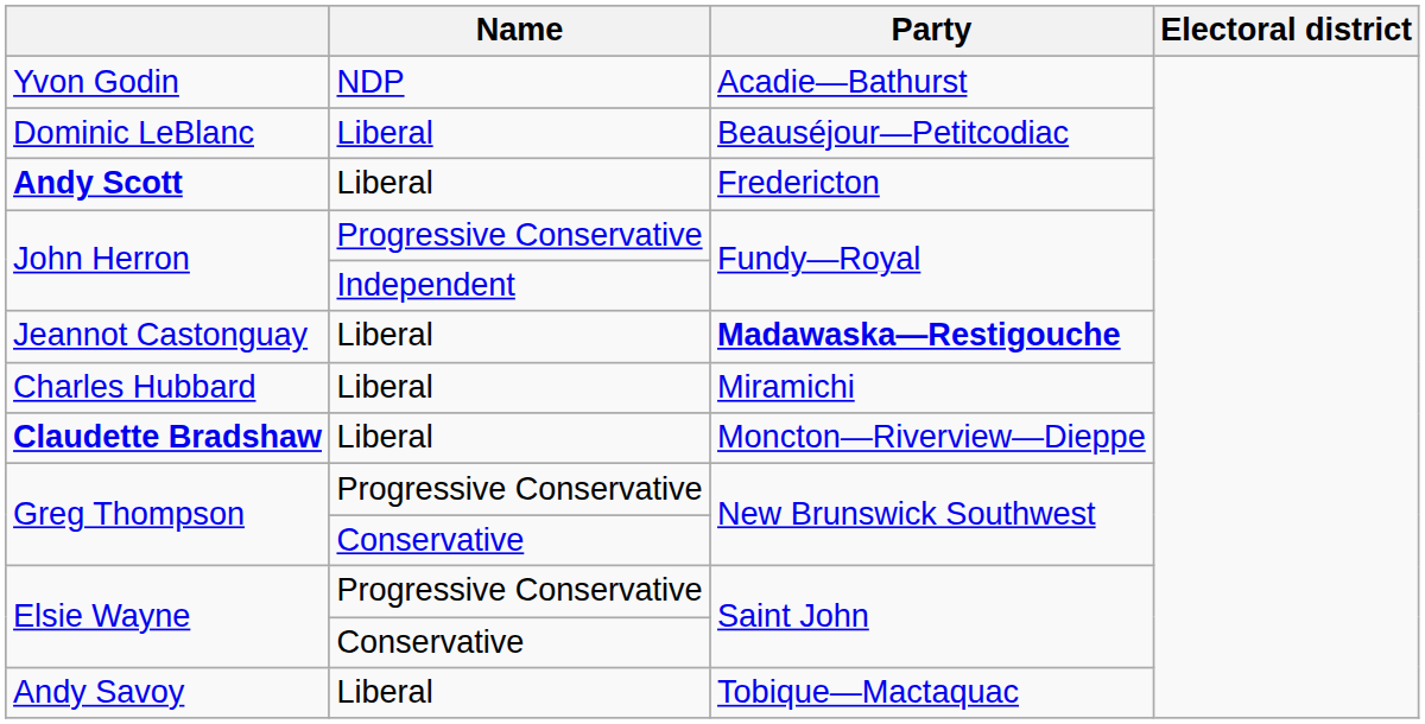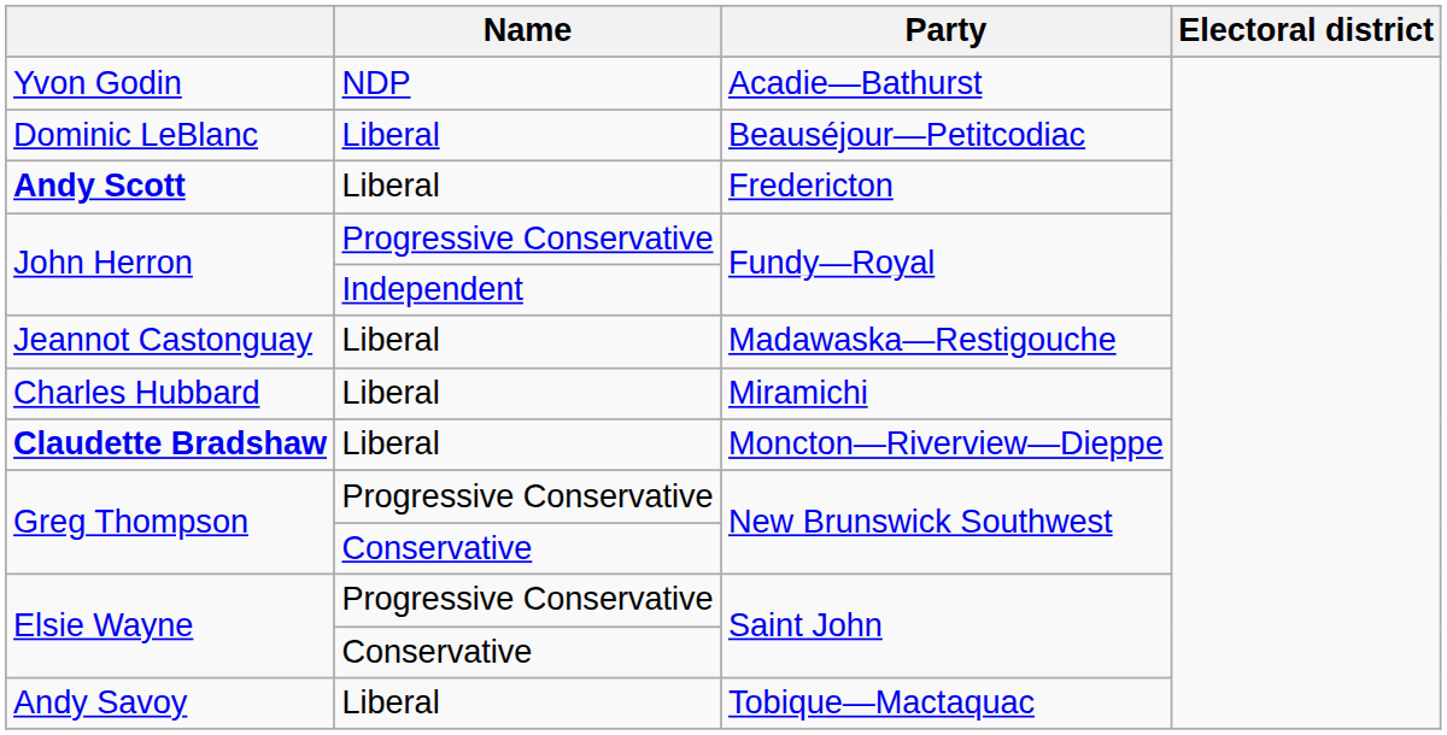 <table class="wikitable">
 <tr>
 <th></th>
 <th>Name</th>
 <th>Party</th>
 <th>Electoral district</th>
 </tr>
 <tr>
 <td><a href='#'>Yvon Godin</a></td>
 <td><a href='#'>NDP</a></td>
 <td><a href='#'>Acadie—Bathurst</a></td>
 </tr>
 <tr>
 <td><a href='#'>Dominic LeBlanc</a></td>
 <td><a href='#'>Liberal</a></td>
 <td><a href='#'>Beauséjour—Petitcodiac</a></td>
 </tr>
 <tr>
 <td><strong><a href='#'>Andy Scott</a></strong></td>
 <td>Liberal</td>
 <td><a href='#'>Fredericton</a></td>
 </tr>
 <tr>
 <td rowspan="2"><a href='#'>John Herron</a></td>
 <td><a href='#'>Progressive Conservative</a></td>
 <td rowspan="2"><a href='#'>Fundy—Royal</a></td>
 </tr>
 <tr>
 <td><a href='#'>Independent</a></td>
 </tr>
 <tr>
 <td><a href='#'>Jeannot Castonguay</a></td>
 <td>Liberal</td>
-<td><strong><a href='#'>Madawaska—Restigouche</a></strong></td>
+<td><a href='#'>Madawaska—Restigouche</a></td>
 </tr>
 <tr>
 <td><a href='#'>Charles Hubbard</a></td>
 <td>Liberal</td>
 <td><a href='#'>Miramichi</a></td>
 </tr>
 <tr>
 <td><strong><a href='#'>Claudette Bradshaw</a></strong></td>
 <td>Liberal</td>
 <td><a href='#'>Moncton—Riverview—Dieppe</a></td>
 </tr>
 <tr>
 <td rowspan="2"><a href='#'>Greg Thompson</a></td>
 <td>Progressive Conservative</td>
 <td rowspan="2"><a href='#'>New Brunswick Southwest</a></td>
 </tr>
 <tr>
 <td><a href='#'>Conservative</a></td>
 </tr>
 <tr>
 <td rowspan="2"><a href='#'>Elsie Wayne</a></td>
 <td>Progressive Conservative</td>
 <td rowspan="2"><a href='#'>Saint John</a></td>
 </tr>
 <tr>
 <td>Conservative</td>
 </tr>
 <tr>
 <td><a href='#'>Andy Savoy</a></td>
 <td>Liberal</td>
 <td><a href='#'>Tobique—Mactaquac</a></td>
 </tr>
 </table>
